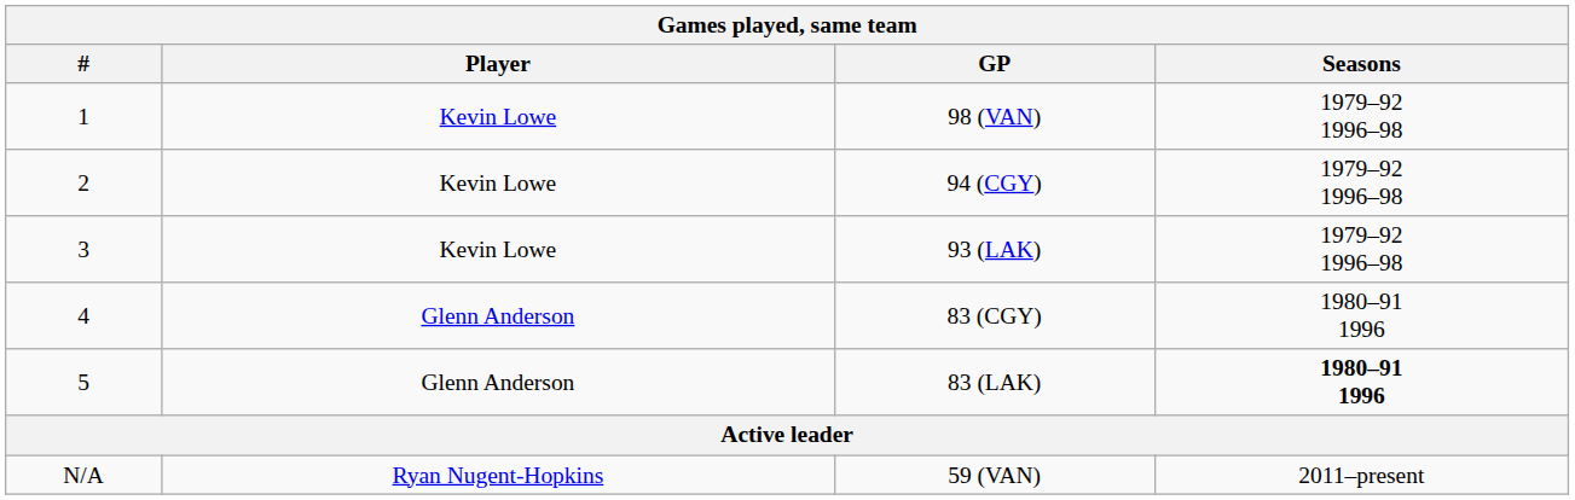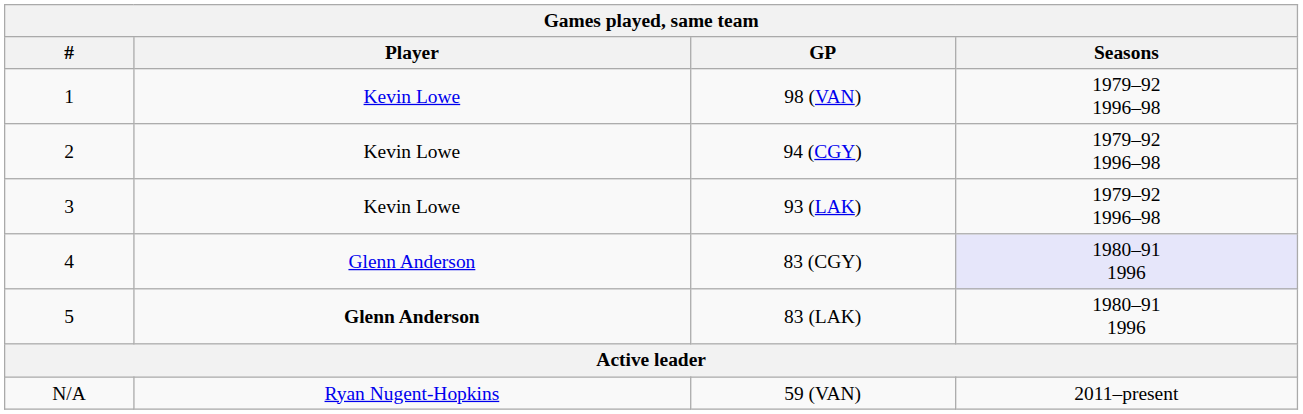 <table class="wikitable" style="text-align: center; font-size: 95%" width="80%">
 <tr>
 <th colspan="4">Games played, same team</th>
 </tr>
 <tr>
 <th>#</th>
 <th>Player</th>
 <th>GP</th>
 <th>Seasons</th>
 </tr>
 <tr>
 <td>1</td>
 <td><a href='#'>Kevin Lowe</a></td>
 <td>98 (<a href='#'>VAN</a>)</td>
 <td>1979–92<br>1996–98</td>
 </tr>
 <tr>
 <td>2</td>
 <td>Kevin Lowe</td>
 <td>94 (<a href='#'>CGY</a>)</td>
 <td>1979–92<br>1996–98</td>
 </tr>
 <tr>
 <td>3</td>
 <td>Kevin Lowe</td>
 <td>93 (<a href='#'>LAK</a>)</td>
 <td>1979–92<br>1996–98</td>
 </tr>
 <tr>
 <td>4</td>
 <td><a href='#'>Glenn Anderson</a></td>
 <td>83 (CGY)</td>
-<td>1980–91<br>1996</td>
+<td style="background: lavender;">1980–91<br>1996</td>
 </tr>
 <tr>
 <td>5</td>
-<td>Glenn Anderson</td>
+<td><strong>Glenn Anderson</strong></td>
 <td>83 (LAK)</td>
-<td><strong>1980–91<br>1996</strong></td>
+<td>1980–91<br>1996</td>
 </tr>
 <tr>
 <th colspan="4">Active leader</th>
 </tr>
 <tr>
 <td>N/A</td>
 <td><a href='#'>Ryan Nugent-Hopkins</a></td>
 <td>59 (VAN)</td>
 <td>2011–present</td>
 </tr>
 </table>
